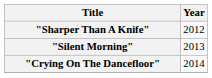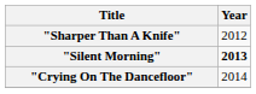 <table class="wikitable plainrowheaders" style="text-align:center;">
 <tr>
 <th scope="col" style="width:16em;">Title</th>
 <th scope="col">Year</th>
 </tr>
 <tr>
 <th scope="row">"Sharper Than A Knife"</th>
 <td>2012</td>
 </tr>
 <tr>
 <th scope="row">"Silent Morning"</th>
-<td>2013</td>
+<td><strong>2013</strong></td>
 </tr>
 <tr>
 <th scope="row">"Crying On The Dancefloor"</th>
 <td>2014</td>
 </tr>
 <tr>
 </tr>
 </table>
